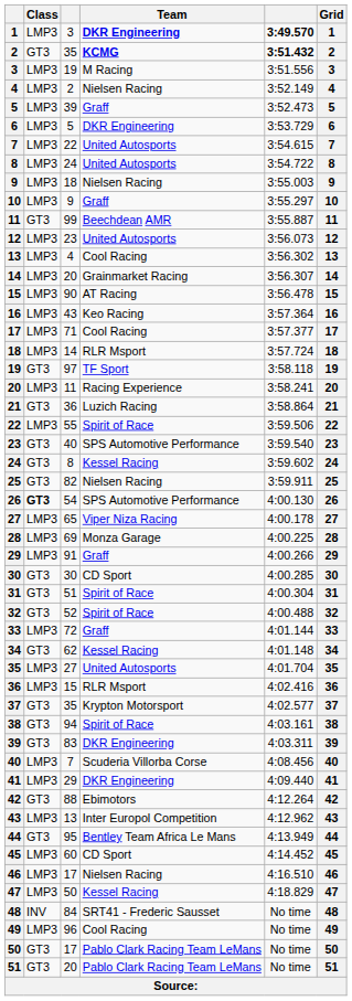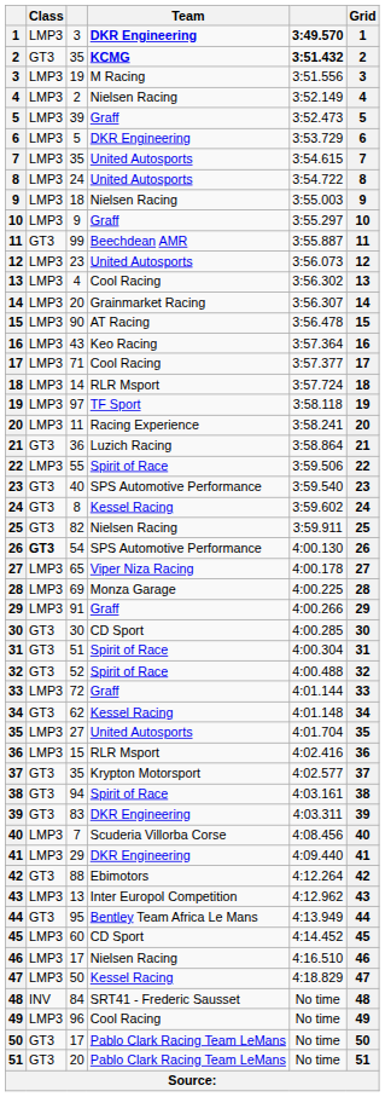 <table class="wikitable" style="font-size: 85%;">
 <tr>
 <th></th>
 <th>Class</th>
 <th></th>
 <th>Team</th>
 <th></th>
 <th>Grid</th>
 </tr>
 <tr>
 <th>1</th>
 <td>LMP3</td>
 <td style="text-align:center">3</td>
 <td><strong><a href='#'>DKR Engineering</a></strong></td>
 <td style="text-align:center"><strong>3:49.570</strong></td>
 <th>1</th>
 </tr>
 <tr>
 <th>2</th>
 <td>GT3</td>
 <td style="text-align:center">35</td>
 <td><strong><a href='#'>KCMG</a></strong></td>
 <td style="text-align:center"><strong>3:51.432</strong></td>
 <th>2</th>
 </tr>
 <tr>
 <th>3</th>
 <td>LMP3</td>
 <td style="text-align:center">19</td>
 <td>M Racing</td>
 <td style="text-align:center">3:51.556</td>
 <th>3</th>
 </tr>
 <tr>
 <th>4</th>
 <td>LMP3</td>
 <td style="text-align:center">2</td>
 <td>Nielsen Racing</td>
 <td style="text-align:center">3:52.149</td>
 <th>4</th>
 </tr>
 <tr>
 <th>5</th>
 <td>LMP3</td>
 <td style="text-align:center">39</td>
 <td><a href='#'>Graff</a></td>
 <td style="text-align:center">3:52.473</td>
 <th>5</th>
 </tr>
 <tr>
 <th>6</th>
 <td>LMP3</td>
 <td style="text-align:center">5</td>
 <td><a href='#'>DKR Engineering</a></td>
 <td style="text-align:center">3:53.729</td>
 <th>6</th>
 </tr>
 <tr>
 <th>7</th>
 <td>LMP3</td>
-<td style="text-align:center">22</td>
+<td style="text-align:center">35</td>
 <td><a href='#'>United Autosports</a></td>
 <td style="text-align:center">3:54.615</td>
 <th>7</th>
 </tr>
 <tr>
 <th>8</th>
 <td>LMP3</td>
 <td style="text-align:center">24</td>
 <td><a href='#'>United Autosports</a></td>
 <td style="text-align:center">3:54.722</td>
 <th>8</th>
 </tr>
 <tr>
 <th>9</th>
 <td>LMP3</td>
 <td style="text-align:center">18</td>
 <td>Nielsen Racing</td>
 <td style="text-align:center">3:55.003</td>
 <th>9</th>
 </tr>
 <tr>
 <th>10</th>
 <td>LMP3</td>
 <td style="text-align:center">9</td>
 <td><a href='#'>Graff</a></td>
 <td style="text-align:center">3:55.297</td>
 <th>10</th>
 </tr>
 <tr>
 <th>11</th>
 <td>GT3</td>
 <td style="text-align:center">99</td>
 <td><a href='#'>Beechdean</a> <a href='#'>AMR</a></td>
 <td style="text-align:center">3:55.887</td>
 <th>11</th>
 </tr>
 <tr>
 <th>12</th>
 <td>LMP3</td>
 <td style="text-align:center">23</td>
 <td><a href='#'>United Autosports</a></td>
 <td style="text-align:center">3:56.073</td>
 <th>12</th>
 </tr>
 <tr>
 <th>13</th>
 <td>LMP3</td>
 <td style="text-align:center">4</td>
 <td>Cool Racing</td>
 <td style="text-align:center">3:56.302</td>
 <th>13</th>
 </tr>
 <tr>
 <th>14</th>
 <td>LMP3</td>
 <td style="text-align:center">20</td>
 <td>Grainmarket Racing</td>
 <td style="text-align:center">3:56.307</td>
 <th>14</th>
 </tr>
 <tr>
 <th>15</th>
 <td>LMP3</td>
 <td style="text-align:center">90</td>
 <td>AT Racing</td>
 <td style="text-align:center">3:56.478</td>
 <th>15</th>
 </tr>
 <tr>
 <th>16</th>
 <td>LMP3</td>
 <td style="text-align:center">43</td>
 <td>Keo Racing</td>
 <td style="text-align:center">3:57.364</td>
 <th>16</th>
 </tr>
 <tr>
 <th>17</th>
 <td>LMP3</td>
 <td style="text-align:center">71</td>
 <td>Cool Racing</td>
 <td style="text-align:center">3:57.377</td>
 <th>17</th>
 </tr>
 <tr>
 <th>18</th>
 <td>LMP3</td>
 <td style="text-align:center">14</td>
 <td>RLR Msport</td>
 <td style="text-align:center">3:57.724</td>
 <th>18</th>
 </tr>
 <tr>
 <th>19</th>
-<td>GT3</td>
+<td>LMP3</td>
 <td style="text-align:center">97</td>
 <td><a href='#'>TF Sport</a></td>
 <td style="text-align:center">3:58.118</td>
 <th>19</th>
 </tr>
 <tr>
 <th>20</th>
 <td>LMP3</td>
 <td style="text-align:center">11</td>
 <td>Racing Experience</td>
 <td style="text-align:center">3:58.241</td>
 <th>20</th>
 </tr>
 <tr>
 <th>21</th>
 <td>GT3</td>
 <td style="text-align:center">36</td>
 <td>Luzich Racing</td>
 <td style="text-align:center">3:58.864</td>
 <th>21</th>
 </tr>
 <tr>
 <th>22</th>
 <td>LMP3</td>
 <td style="text-align:center">55</td>
 <td><a href='#'>Spirit of Race</a></td>
 <td style="text-align:center">3:59.506</td>
 <th>22</th>
 </tr>
 <tr>
 <th>23</th>
 <td>GT3</td>
 <td style="text-align:center">40</td>
 <td>SPS Automotive Performance</td>
 <td style="text-align:center">3:59.540</td>
 <th>23</th>
 </tr>
 <tr>
 <th>24</th>
 <td>GT3</td>
 <td style="text-align:center">8</td>
 <td><a href='#'>Kessel Racing</a></td>
 <td style="text-align:center">3:59.602</td>
 <th>24</th>
 </tr>
 <tr>
 <th>25</th>
 <td>GT3</td>
 <td style="text-align:center">82</td>
 <td>Nielsen Racing</td>
 <td style="text-align:center">3:59.911</td>
 <th>25</th>
 </tr>
 <tr>
 <th>26</th>
 <td><strong>GT3</strong></td>
 <td style="text-align:center">54</td>
 <td>SPS Automotive Performance</td>
 <td style="text-align:center">4:00.130</td>
 <th>26</th>
 </tr>
 <tr>
 <th>27</th>
 <td>LMP3</td>
 <td style="text-align:center">65</td>
 <td><a href='#'>Viper Niza Racing</a></td>
 <td style="text-align:center">4:00.178</td>
 <th>27</th>
 </tr>
 <tr>
 <th>28</th>
 <td>LMP3</td>
 <td style="text-align:center">69</td>
 <td>Monza Garage</td>
 <td style="text-align:center">4:00.225</td>
 <th>28</th>
 </tr>
 <tr>
 <th>29</th>
 <td>LMP3</td>
 <td style="text-align:center">91</td>
 <td><a href='#'>Graff</a></td>
 <td style="text-align:center">4:00.266</td>
 <th>29</th>
 </tr>
 <tr>
 <th>30</th>
 <td>GT3</td>
 <td style="text-align:center">30</td>
 <td>CD Sport</td>
 <td style="text-align:center">4:00.285</td>
 <th>30</th>
 </tr>
 <tr>
 <th>31</th>
 <td>GT3</td>
 <td style="text-align:center">51</td>
 <td><a href='#'>Spirit of Race</a></td>
 <td style="text-align:center">4:00.304</td>
 <th>31</th>
 </tr>
 <tr>
 <th>32</th>
 <td>GT3</td>
 <td style="text-align:center">52</td>
 <td><a href='#'>Spirit of Race</a></td>
 <td style="text-align:center">4:00.488</td>
 <th>32</th>
 </tr>
 <tr>
 <th>33</th>
 <td>LMP3</td>
 <td style="text-align:center">72</td>
 <td><a href='#'>Graff</a></td>
 <td style="text-align:center">4:01.144</td>
 <th>33</th>
 </tr>
 <tr>
 <th>34</th>
 <td>GT3</td>
 <td style="text-align:center">62</td>
 <td><a href='#'>Kessel Racing</a></td>
 <td style="text-align:center">4:01.148</td>
 <th>34</th>
 </tr>
 <tr>
 <th>35</th>
 <td>LMP3</td>
 <td style="text-align:center">27</td>
 <td><a href='#'>United Autosports</a></td>
 <td style="text-align:center">4:01.704</td>
 <th>35</th>
 </tr>
 <tr>
 <th>36</th>
 <td>LMP3</td>
 <td style="text-align:center">15</td>
 <td>RLR Msport</td>
 <td style="text-align:center">4:02.416</td>
 <th>36</th>
 </tr>
 <tr>
 <th>37</th>
 <td>GT3</td>
 <td style="text-align:center">35</td>
 <td>Krypton Motorsport</td>
 <td style="text-align:center">4:02.577</td>
 <th>37</th>
 </tr>
 <tr>
 <th>38</th>
 <td>GT3</td>
 <td style="text-align:center">94</td>
 <td><a href='#'>Spirit of Race</a></td>
 <td style="text-align:center">4:03.161</td>
 <th>38</th>
 </tr>
 <tr>
 <th>39</th>
 <td>GT3</td>
 <td style="text-align:center">83</td>
 <td><a href='#'>DKR Engineering</a></td>
 <td style="text-align:center">4:03.311</td>
 <th>39</th>
 </tr>
 <tr>
 <th>40</th>
 <td>LMP3</td>
 <td style="text-align:center">7</td>
 <td>Scuderia Villorba Corse</td>
 <td style="text-align:center">4:08.456</td>
 <th>40</th>
 </tr>
 <tr>
 <th>41</th>
 <td>LMP3</td>
 <td style="text-align:center">29</td>
 <td><a href='#'>DKR Engineering</a></td>
 <td style="text-align:center">4:09.440</td>
 <th>41</th>
 </tr>
 <tr>
 <th>42</th>
 <td>GT3</td>
 <td style="text-align:center">88</td>
 <td>Ebimotors</td>
 <td style="text-align:center">4:12.264</td>
 <th>42</th>
 </tr>
 <tr>
 <th>43</th>
 <td>LMP3</td>
 <td style="text-align:center">13</td>
 <td>Inter Europol Competition</td>
 <td style="text-align:center">4:12.962</td>
 <th>43</th>
 </tr>
 <tr>
 <th>44</th>
 <td>GT3</td>
 <td style="text-align:center">95</td>
 <td><a href='#'>Bentley</a> Team Africa Le Mans</td>
 <td style="text-align:center">4:13.949</td>
 <th>44</th>
 </tr>
 <tr>
 <th>45</th>
 <td>LMP3</td>
 <td style="text-align:center">60</td>
 <td>CD Sport</td>
 <td style="text-align:center">4:14.452</td>
 <th>45</th>
 </tr>
 <tr>
 <th>46</th>
 <td>LMP3</td>
 <td style="text-align:center">17</td>
 <td>Nielsen Racing</td>
 <td style="text-align:center">4:16.510</td>
 <th>46</th>
 </tr>
 <tr>
 <th>47</th>
 <td>LMP3</td>
 <td style="text-align:center">50</td>
 <td><a href='#'>Kessel Racing</a></td>
 <td style="text-align:center">4:18.829</td>
 <th>47</th>
 </tr>
 <tr>
 <th>48</th>
 <td>INV</td>
 <td style="text-align:center">84</td>
 <td>SRT41 - Frederic Sausset</td>
 <td style="text-align:center">No time</td>
 <th>48</th>
 </tr>
 <tr>
 <th>49</th>
 <td>LMP3</td>
 <td style="text-align:center">96</td>
 <td>Cool Racing</td>
 <td style="text-align:center">No time</td>
 <th>49</th>
 </tr>
 <tr>
 <th>50</th>
 <td>GT3</td>
 <td style="text-align:center">17</td>
 <td><a href='#'>Pablo Clark Racing Team LeMans</a></td>
 <td style="text-align:center">No time</td>
 <th>50</th>
 </tr>
 <tr>
 <th>51</th>
 <td>GT3</td>
 <td style="text-align:center">20</td>
 <td><a href='#'>Pablo Clark Racing Team LeMans</a></td>
 <td style="text-align:center">No time</td>
 <th>51</th>
 </tr>
 <tr>
 <th colspan="6">Source:</th>
 </tr>
 </table>
